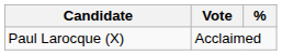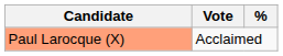 <table class="wikitable">
 <tr>
 <th bgcolor="#DDDDFF" width="200px">Candidate</th>
 <th bgcolor="#DDDDFF" width="50px">Vote</th>
 <th bgcolor="#DDDDFF" width="30px">%</th>
 </tr>
 <tr>
-<td>Paul Larocque (X)</td>
+<td style="background: lightsalmon;">Paul Larocque (X)</td>
 <td colspan="2">Acclaimed</td>
 </tr>
 </table>
